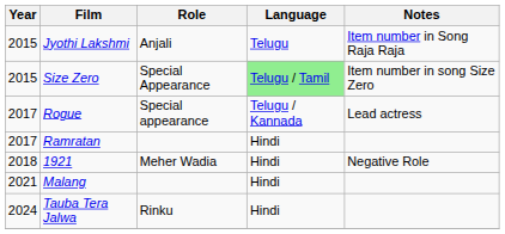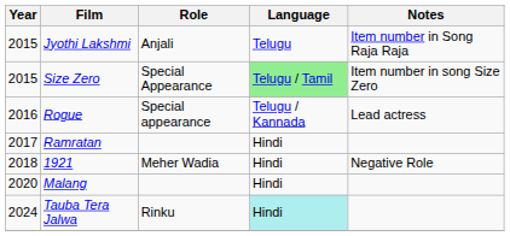 <table class="wikitable">
 <tr>
 <th>Year</th>
 <th>Film</th>
 <th>Role</th>
 <th>Language</th>
 <th>Notes</th>
 </tr>
 <tr>
 <td>2015</td>
 <td><em><a href='#'>Jyothi Lakshmi</a></em></td>
 <td>Anjali</td>
 <td><a href='#'>Telugu</a></td>
 <td><a href='#'>Item number</a> in Song Raja Raja</td>
 </tr>
 <tr>
 <td>2015</td>
 <td><em><a href='#'>Size Zero</a></em></td>
 <td>Special Appearance</td>
 <td style="background: lightgreen;"><a href='#'>Telugu</a> / <a href='#'>Tamil</a></td>
 <td>Item number in song Size Zero</td>
 </tr>
 <tr>
-<td>2017</td>
+<td>2016</td>
 <td><em><a href='#'>Rogue</a></em></td>
 <td>Special appearance</td>
 <td><a href='#'>Telugu</a> / <a href='#'>Kannada</a></td>
 <td>Lead actress</td>
 </tr>
 <tr>
 <td>2017</td>
 <td><em><a href='#'>Ramratan</a></em></td>
 <td></td>
 <td>Hindi</td>
 <td></td>
 </tr>
 <tr>
 <td>2018</td>
 <td><em><a href='#'>1921</a></em></td>
 <td>Meher Wadia</td>
 <td>Hindi</td>
 <td>Negative Role</td>
 </tr>
 <tr>
-<td>2021</td>
+<td>2020</td>
 <td><em><a href='#'>Malang</a></em></td>
 <td></td>
 <td>Hindi</td>
 <td></td>
 </tr>
 <tr>
 <td>2024</td>
 <td><em><a href='#'>Tauba Tera Jalwa</a></em></td>
 <td>Rinku</td>
-<td>Hindi</td>
+<td style="background: paleturquoise;">Hindi</td>
 <td></td>
 </tr>
 <tr>
 </tr>
 </table>
